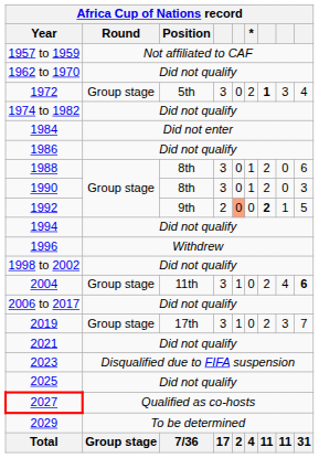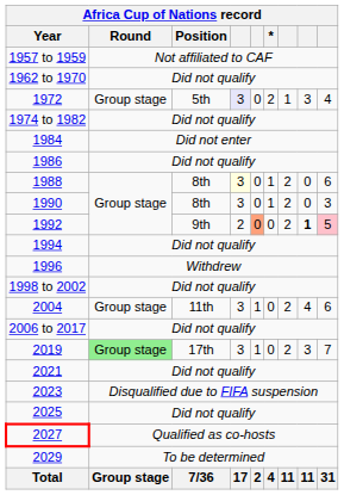 <table class="wikitable" style="text-align: center;">
 <tr>
 <th colspan=9><a href='#'>Africa Cup of Nations</a> record</th>
 </tr>
 <tr>
 <th>Year</th>
 <th>Round</th>
 <th>Position</th>
 <th></th>
 <th></th>
 <th>*</th>
 <th></th>
 <th></th>
 <th></th>
 </tr>
 <tr>
 <td> <a href='#'>1957</a> to  <a href='#'>1959</a></td>
 <td colspan=8><em>Not affiliated to CAF</em></td>
 </tr>
 <tr>
 <td> <a href='#'>1962</a> to  <a href='#'>1970</a></td>
 <td colspan=8><em>Did not qualify</em></td>
 </tr>
 <tr>
 <td> <a href='#'>1972</a></td>
 <td>Group stage</td>
 <td>5th</td>
-<td>3</td>
+<td style="background: lavender;">3</td>
 <td>0</td>
 <td>2</td>
-<td><strong>1</strong></td>
+<td>1</td>
 <td>3</td>
 <td>4</td>
 </tr>
 <tr>
 <td> <a href='#'>1974</a> to  <a href='#'>1982</a></td>
 <td colspan=8><em>Did not qualify</em></td>
 </tr>
 <tr>
 <td> <a href='#'>1984</a></td>
 <td colspan=8><em>Did not enter</em></td>
 </tr>
 <tr>
 <td> <a href='#'>1986</a></td>
 <td colspan=8><em>Did not qualify</em></td>
 </tr>
 <tr>
 <td> <a href='#'>1988</a></td>
 <td rowspan=3>Group stage</td>
 <td>8th</td>
-<td>3</td>
+<td style="background: lightyellow;">3</td>
 <td>0</td>
 <td>1</td>
 <td>2</td>
 <td>0</td>
 <td>6</td>
 </tr>
 <tr>
 <td> <a href='#'>1990</a></td>
 <td>8th</td>
 <td>3</td>
 <td>0</td>
 <td>1</td>
 <td>2</td>
 <td>0</td>
 <td>3</td>
 </tr>
 <tr>
 <td> <a href='#'>1992</a></td>
 <td>9th</td>
 <td>2</td>
 <td style="background: lightsalmon;">0</td>
 <td>0</td>
-<td><strong>2</strong></td>
-<td>1</td>
-<td>5</td>
+<td>2</td>
+<td><strong>1</strong></td>
+<td style="background: pink;">5</td>
 </tr>
 <tr>
 <td> <a href='#'>1994</a></td>
 <td colspan=8><em>Did not qualify</em></td>
 </tr>
 <tr>
 <td> <a href='#'>1996</a></td>
 <td colspan=8><em>Withdrew</em></td>
 </tr>
 <tr>
 <td> <a href='#'>1998</a> to  <a href='#'>2002</a></td>
 <td colspan=8><em>Did not qualify</em></td>
 </tr>
 <tr>
 <td> <a href='#'>2004</a></td>
 <td>Group stage</td>
 <td>11th</td>
 <td>3</td>
 <td>1</td>
 <td>0</td>
 <td>2</td>
 <td>4</td>
-<td><strong>6</strong></td>
+<td>6</td>
 </tr>
 <tr>
 <td> <a href='#'>2006</a> to  <a href='#'>2017</a></td>
 <td colspan=8><em>Did not qualify</em></td>
 </tr>
 <tr>
 <td> <a href='#'>2019</a></td>
-<td>Group stage</td>
+<td style="background: lightgreen;">Group stage</td>
 <td>17th</td>
 <td>3</td>
 <td>1</td>
 <td>0</td>
 <td>2</td>
 <td>3</td>
 <td>7</td>
 </tr>
 <tr>
 <td> <a href='#'>2021</a></td>
 <td colspan=8><em>Did not qualify</em></td>
 </tr>
 <tr>
 <td> <a href='#'>2023</a></td>
 <td colspan=8><em>Disqualified due to <a href='#'>FIFA</a> suspension</em></td>
 </tr>
 <tr>
 <td> <a href='#'>2025</a></td>
 <td colspan=8><em>Did not qualify</em></td>
 </tr>
 <tr>
 <td style="border: 3px solid red"> <a href='#'>2027</a></td>
 <td colspan=8><em>Qualified as co-hosts</em></td>
 </tr>
 <tr>
 <td> <a href='#'>2029</a></td>
 <td colspan="8"><em>To be determined</em></td>
 </tr>
 <tr>
 <th>Total</th>
 <th>Group stage</th>
 <th>7/36</th>
 <th>17</th>
 <th>2</th>
 <th>4</th>
 <th>11</th>
 <th>11</th>
 <th>31</th>
 </tr>
 </table>
